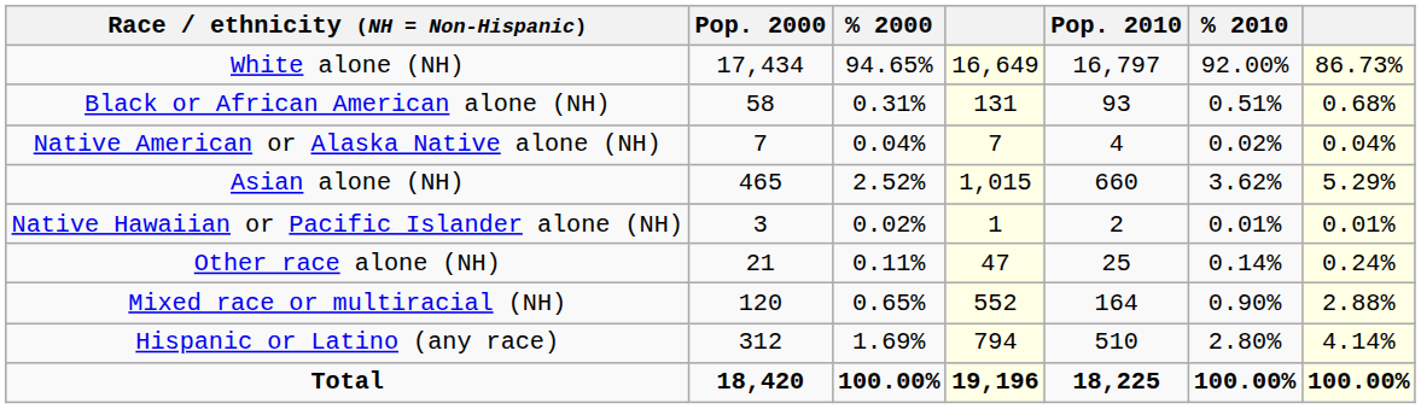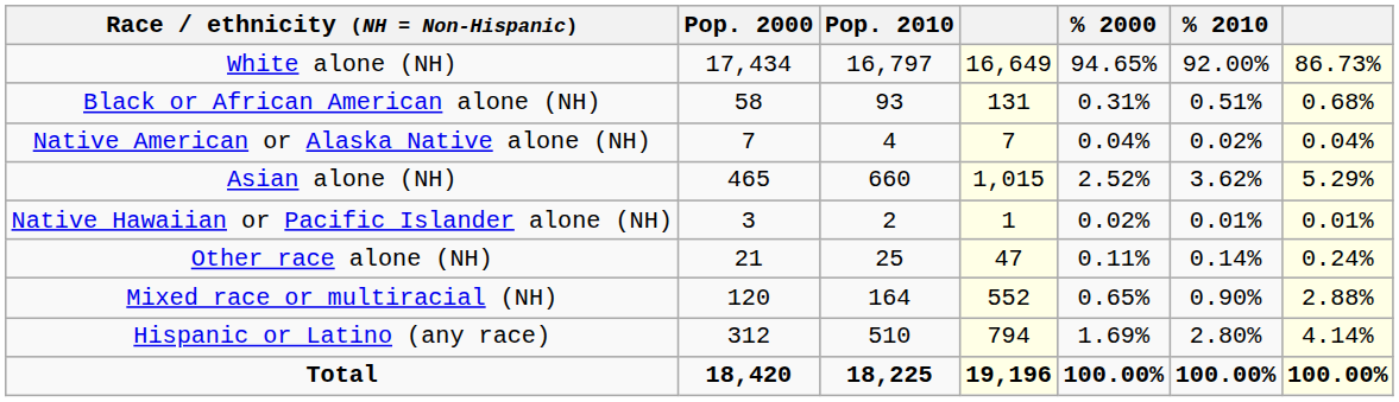 <table class="wikitable" style="text-align:center;">
 <tr>
 <th>Race / ethnicity <small>(<em>NH = Non-Hispanic</em>)</small></th>
 <th>Pop. 2000</th>
+<th>Pop. 2010</th>
+<th></th>
 <th>% 2000</th>
-<th></th>
-<th>Pop. 2010</th>
 <th>% 2010</th>
 <th></th>
 </tr>
 <tr>
 <td><a href='#'>White</a> alone (NH)</td>
 <td>17,434</td>
+<td>16,797</td>
+<td style='background: #ffffe6;'>16,649</td>
 <td>94.65%</td>
-<td style='background: #ffffe6;'>16,649</td>
-<td>16,797</td>
 <td>92.00%</td>
 <td style='background: #ffffe6;'>86.73%</td>
 </tr>
 <tr>
 <td><a href='#'>Black or African American</a> alone (NH)</td>
 <td>58</td>
+<td>93</td>
+<td style='background: #ffffe6;'>131</td>
 <td>0.31%</td>
-<td style='background: #ffffe6;'>131</td>
-<td>93</td>
 <td>0.51%</td>
 <td style='background: #ffffe6;'>0.68%</td>
 </tr>
 <tr>
 <td><a href='#'>Native American</a> or <a href='#'>Alaska Native</a> alone (NH)</td>
 <td>7</td>
+<td>4</td>
+<td style='background: #ffffe6;'>7</td>
 <td>0.04%</td>
-<td style='background: #ffffe6;'>7</td>
-<td>4</td>
 <td>0.02%</td>
 <td style='background: #ffffe6;'>0.04%</td>
 </tr>
 <tr>
 <td><a href='#'>Asian</a> alone (NH)</td>
 <td>465</td>
+<td>660</td>
+<td style='background: #ffffe6;'>1,015</td>
 <td>2.52%</td>
-<td style='background: #ffffe6;'>1,015</td>
-<td>660</td>
 <td>3.62%</td>
 <td style='background: #ffffe6;'>5.29%</td>
 </tr>
 <tr>
 <td><a href='#'>Native Hawaiian</a> or <a href='#'>Pacific Islander</a> alone (NH)</td>
 <td>3</td>
+<td>2</td>
+<td style='background: #ffffe6;'>1</td>
 <td>0.02%</td>
-<td style='background: #ffffe6;'>1</td>
-<td>2</td>
 <td>0.01%</td>
 <td style='background: #ffffe6;'>0.01%</td>
 </tr>
 <tr>
 <td><a href='#'>Other race</a> alone (NH)</td>
 <td>21</td>
+<td>25</td>
+<td style='background: #ffffe6;'>47</td>
 <td>0.11%</td>
-<td style='background: #ffffe6;'>47</td>
-<td>25</td>
 <td>0.14%</td>
 <td style='background: #ffffe6;'>0.24%</td>
 </tr>
 <tr>
 <td><a href='#'>Mixed race or multiracial</a> (NH)</td>
 <td>120</td>
+<td>164</td>
+<td style='background: #ffffe6;'>552</td>
 <td>0.65%</td>
-<td style='background: #ffffe6;'>552</td>
-<td>164</td>
 <td>0.90%</td>
 <td style='background: #ffffe6;'>2.88%</td>
 </tr>
 <tr>
 <td><a href='#'>Hispanic or Latino</a> (any race)</td>
 <td>312</td>
+<td>510</td>
+<td style='background: #ffffe6;'>794</td>
 <td>1.69%</td>
-<td style='background: #ffffe6;'>794</td>
-<td>510</td>
 <td>2.80%</td>
 <td style='background: #ffffe6;'>4.14%</td>
 </tr>
 <tr>
 <td><strong>Total</strong></td>
 <td><strong>18,420</strong></td>
+<td><strong>18,225</strong></td>
+<td style='background: #ffffe6;'><strong>19,196</strong></td>
 <td><strong>100.00%</strong></td>
-<td style='background: #ffffe6;'><strong>19,196</strong></td>
-<td><strong>18,225</strong></td>
 <td><strong>100.00%</strong></td>
 <td style='background: #ffffe6;'><strong>100.00%</strong></td>
 </tr>
 </table>
